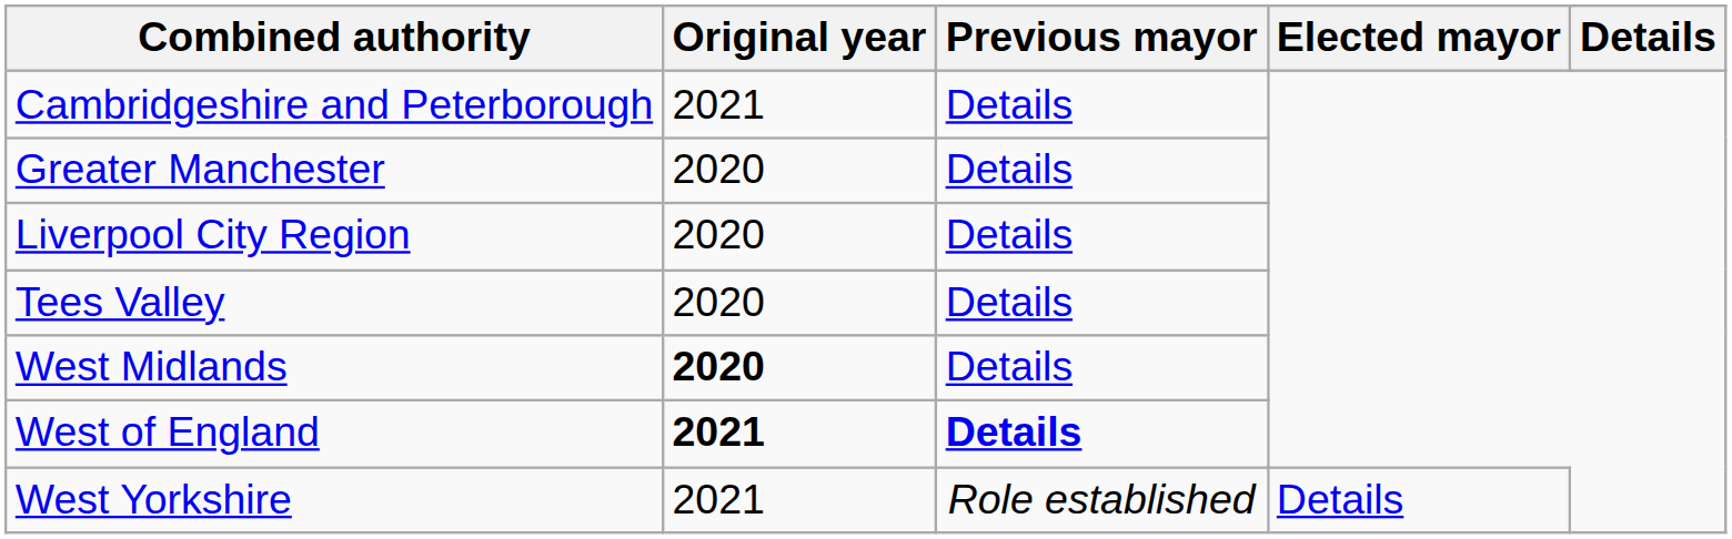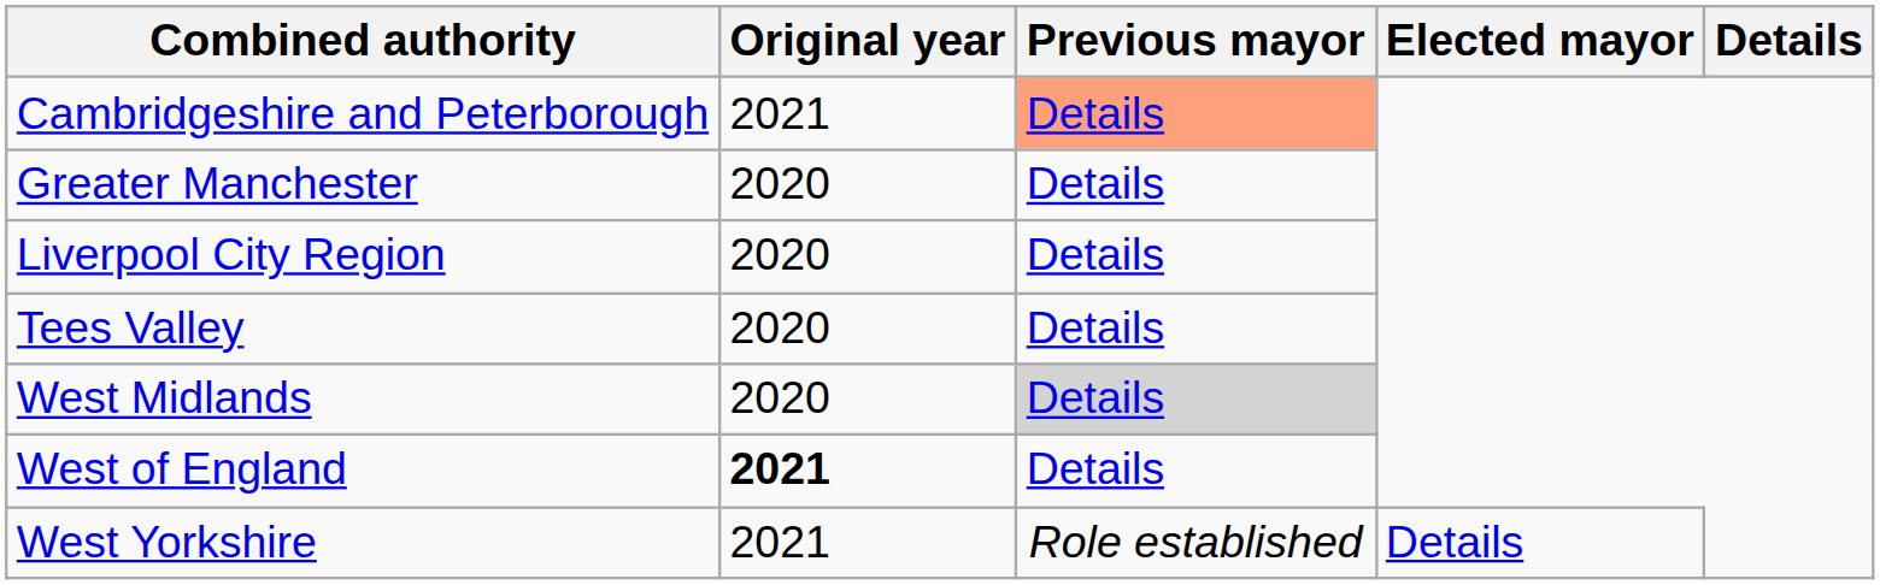 <table class="wikitable">
 <tr>
 <th>Combined authority</th>
 <th>Original year</th>
 <th colspan=2>Previous mayor</th>
 <th colspan=2>Elected mayor</th>
 <th>Details</th>
 </tr>
 <tr>
 <td><a href='#'>Cambridgeshire and Peterborough</a></td>
 <td>2021<br> </td>
-<td><a href='#'>Details</a></td>
+<td style="background: lightsalmon;"><a href='#'>Details</a></td>
 </tr>
 <tr>
 <td><a href='#'>Greater Manchester</a></td>
 <td>2020<br> </td>
 <td><a href='#'>Details</a></td>
 </tr>
 <tr>
 <td><a href='#'>Liverpool City Region</a></td>
 <td>2020<br> </td>
 <td><a href='#'>Details</a></td>
 </tr>
 <tr>
 <td><a href='#'>Tees Valley</a></td>
 <td>2020<br> </td>
 <td><a href='#'>Details</a></td>
 </tr>
 <tr>
 <td><a href='#'>West Midlands</a></td>
-<td><strong>2020<br> </strong></td>
-<td><a href='#'>Details</a></td>
+<td>2020<br> </td>
+<td style="background: lightgrey;"><a href='#'>Details</a></td>
 </tr>
 <tr>
 <td><a href='#'>West of England</a></td>
 <td><strong>2021<br> </strong></td>
-<td><strong><a href='#'>Details</a></strong></td>
+<td><a href='#'>Details</a></td>
 </tr>
 <tr>
 <td><a href='#'>West Yorkshire</a></td>
 <td>2021</td>
 <td colspan=2 style="text-align: center;"><em>Role established</em><br></td>
 <td><a href='#'>Details</a></td>
 </tr>
 </table>
